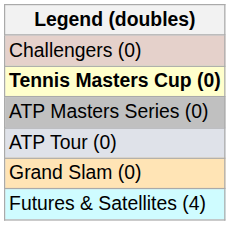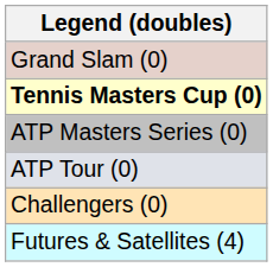 <table class="wikitable">
 <tr>
 <th>Legend (doubles)</th>
 </tr>
 <tr bgcolor="#e5d1cb">
-<td>Challengers (0)</td>
+<td>Grand Slam (0)</td>
 </tr>
 <tr bgcolor="ffffcc">
 <td><strong>Tennis Masters Cup (0)</strong></td>
 </tr>
 <tr bgcolor="silver">
 <td>ATP Masters Series (0)</td>
 </tr>
 <tr bgcolor="#dfe2e9">
 <td>ATP Tour (0)</td>
 </tr>
 <tr bgcolor="moccasin">
-<td>Grand Slam (0)</td>
+<td>Challengers (0)</td>
 </tr>
 <tr bgcolor="CFFCFF">
 <td>Futures & Satellites (4)</td>
 </tr>
 </table>
